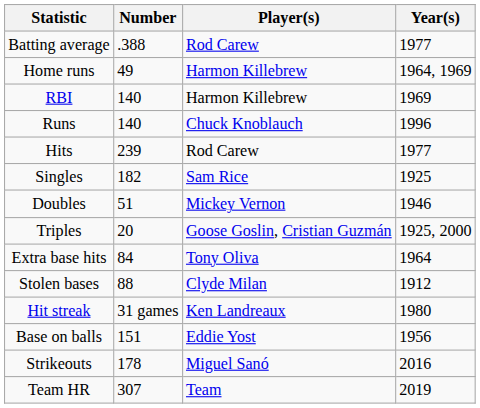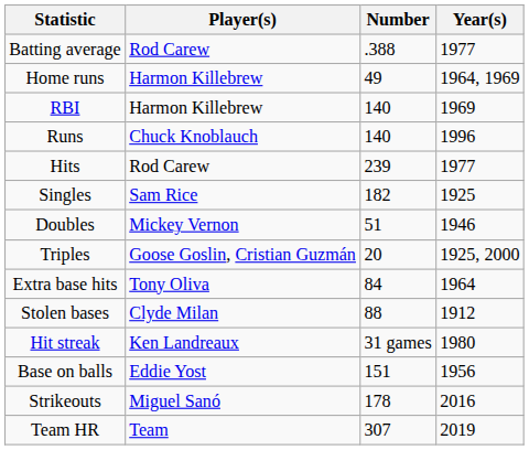 <table class="wikitable" style="font-size: 95%; text-align:left;">
 <tr>
 <th>Statistic</th>
+<th>Player(s)</th>
 <th>Number</th>
-<th>Player(s)</th>
 <th>Year(s)</th>
 </tr>
 <tr>
 <td align="center">Batting average</td>
+<td><a href='#'>Rod Carew</a></td>
 <td>.388</td>
-<td><a href='#'>Rod Carew</a></td>
 <td>1977</td>
 </tr>
 <tr>
 <td align="center">Home runs</td>
+<td><a href='#'>Harmon Killebrew</a></td>
 <td>49</td>
-<td><a href='#'>Harmon Killebrew</a></td>
 <td>1964, 1969</td>
 </tr>
 <tr>
 <td align="center"><a href='#'>RBI</a></td>
+<td>Harmon Killebrew</td>
 <td>140</td>
-<td>Harmon Killebrew</td>
 <td>1969</td>
 </tr>
 <tr>
 <td align="center">Runs</td>
+<td><a href='#'>Chuck Knoblauch</a></td>
 <td>140</td>
-<td><a href='#'>Chuck Knoblauch</a></td>
 <td>1996</td>
 </tr>
 <tr>
 <td align="center">Hits</td>
+<td>Rod Carew</td>
 <td>239</td>
-<td>Rod Carew</td>
 <td>1977</td>
 </tr>
 <tr>
 <td align="center">Singles</td>
+<td><a href='#'>Sam Rice</a></td>
 <td>182</td>
-<td><a href='#'>Sam Rice</a></td>
 <td>1925</td>
 </tr>
 <tr>
 <td align="center">Doubles</td>
+<td><a href='#'>Mickey Vernon</a></td>
 <td>51</td>
-<td><a href='#'>Mickey Vernon</a></td>
 <td>1946</td>
 </tr>
 <tr>
 <td align="center">Triples</td>
+<td><a href='#'>Goose Goslin</a>, <a href='#'>Cristian Guzmán</a></td>
 <td>20</td>
-<td><a href='#'>Goose Goslin</a>, <a href='#'>Cristian Guzmán</a></td>
 <td>1925, 2000</td>
 </tr>
 <tr>
 <td align="center">Extra base hits</td>
+<td><a href='#'>Tony Oliva</a></td>
 <td>84</td>
-<td><a href='#'>Tony Oliva</a></td>
 <td>1964</td>
 </tr>
 <tr>
 <td align="center">Stolen bases</td>
+<td><a href='#'>Clyde Milan</a></td>
 <td>88</td>
-<td><a href='#'>Clyde Milan</a></td>
 <td>1912</td>
 </tr>
 <tr>
 <td align="center"><a href='#'>Hit streak</a></td>
+<td><a href='#'>Ken Landreaux</a></td>
 <td>31 games</td>
-<td><a href='#'>Ken Landreaux</a></td>
 <td>1980</td>
 </tr>
 <tr>
 <td align="center">Base on balls</td>
+<td><a href='#'>Eddie Yost</a></td>
 <td>151</td>
-<td><a href='#'>Eddie Yost</a></td>
 <td>1956</td>
 </tr>
 <tr>
 <td align="center">Strikeouts</td>
+<td><a href='#'>Miguel Sanó</a></td>
 <td>178</td>
-<td><a href='#'>Miguel Sanó</a></td>
 <td>2016</td>
 </tr>
 <tr>
 <td align="center">Team HR</td>
+<td><a href='#'>Team</a></td>
 <td>307</td>
-<td><a href='#'>Team</a></td>
 <td>2019</td>
 </tr>
 </table>
